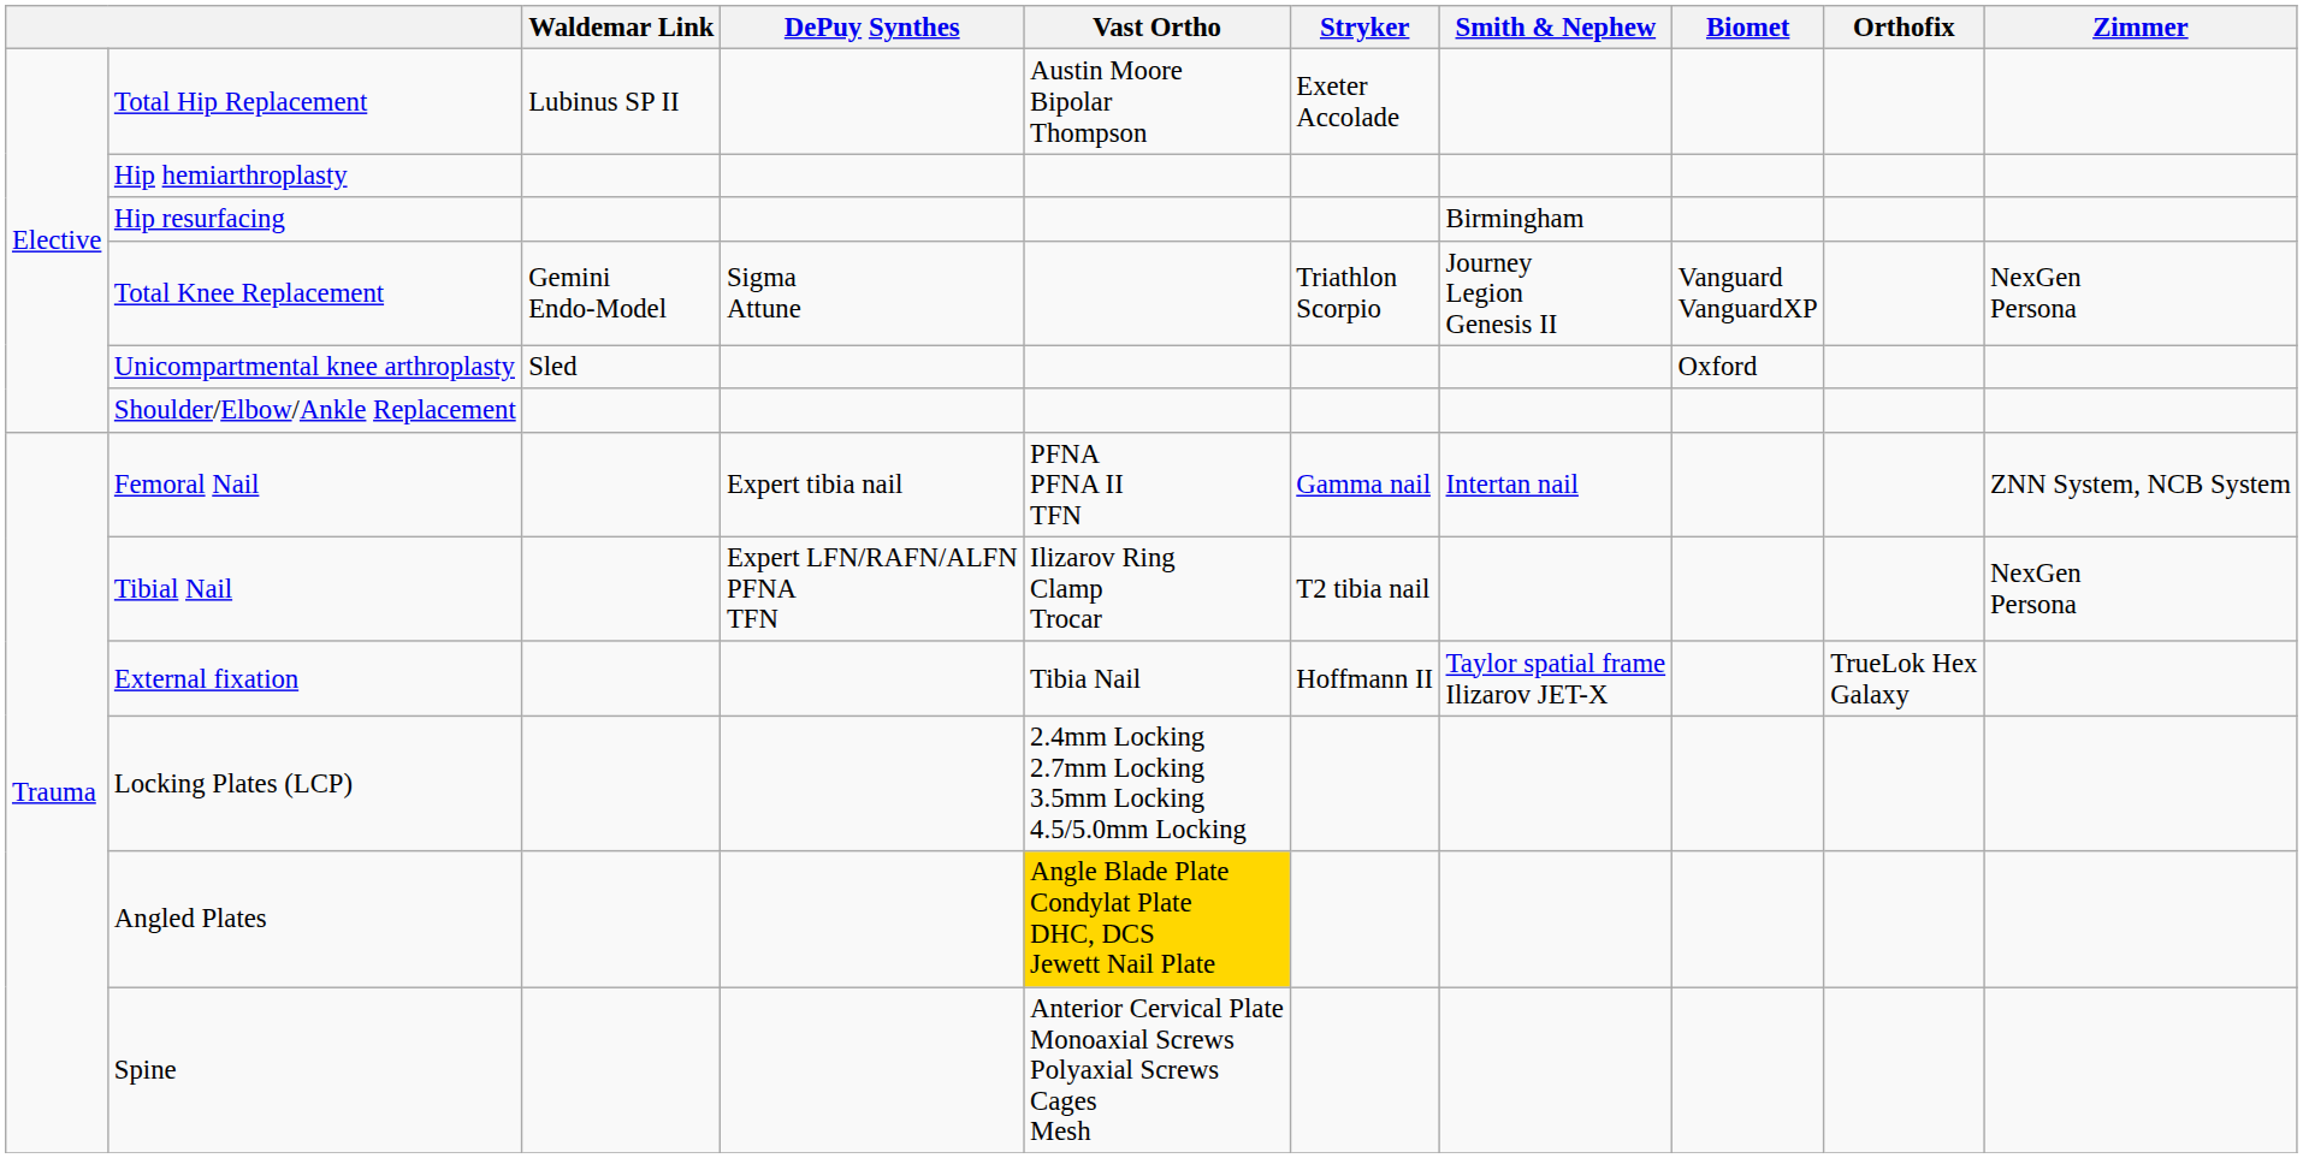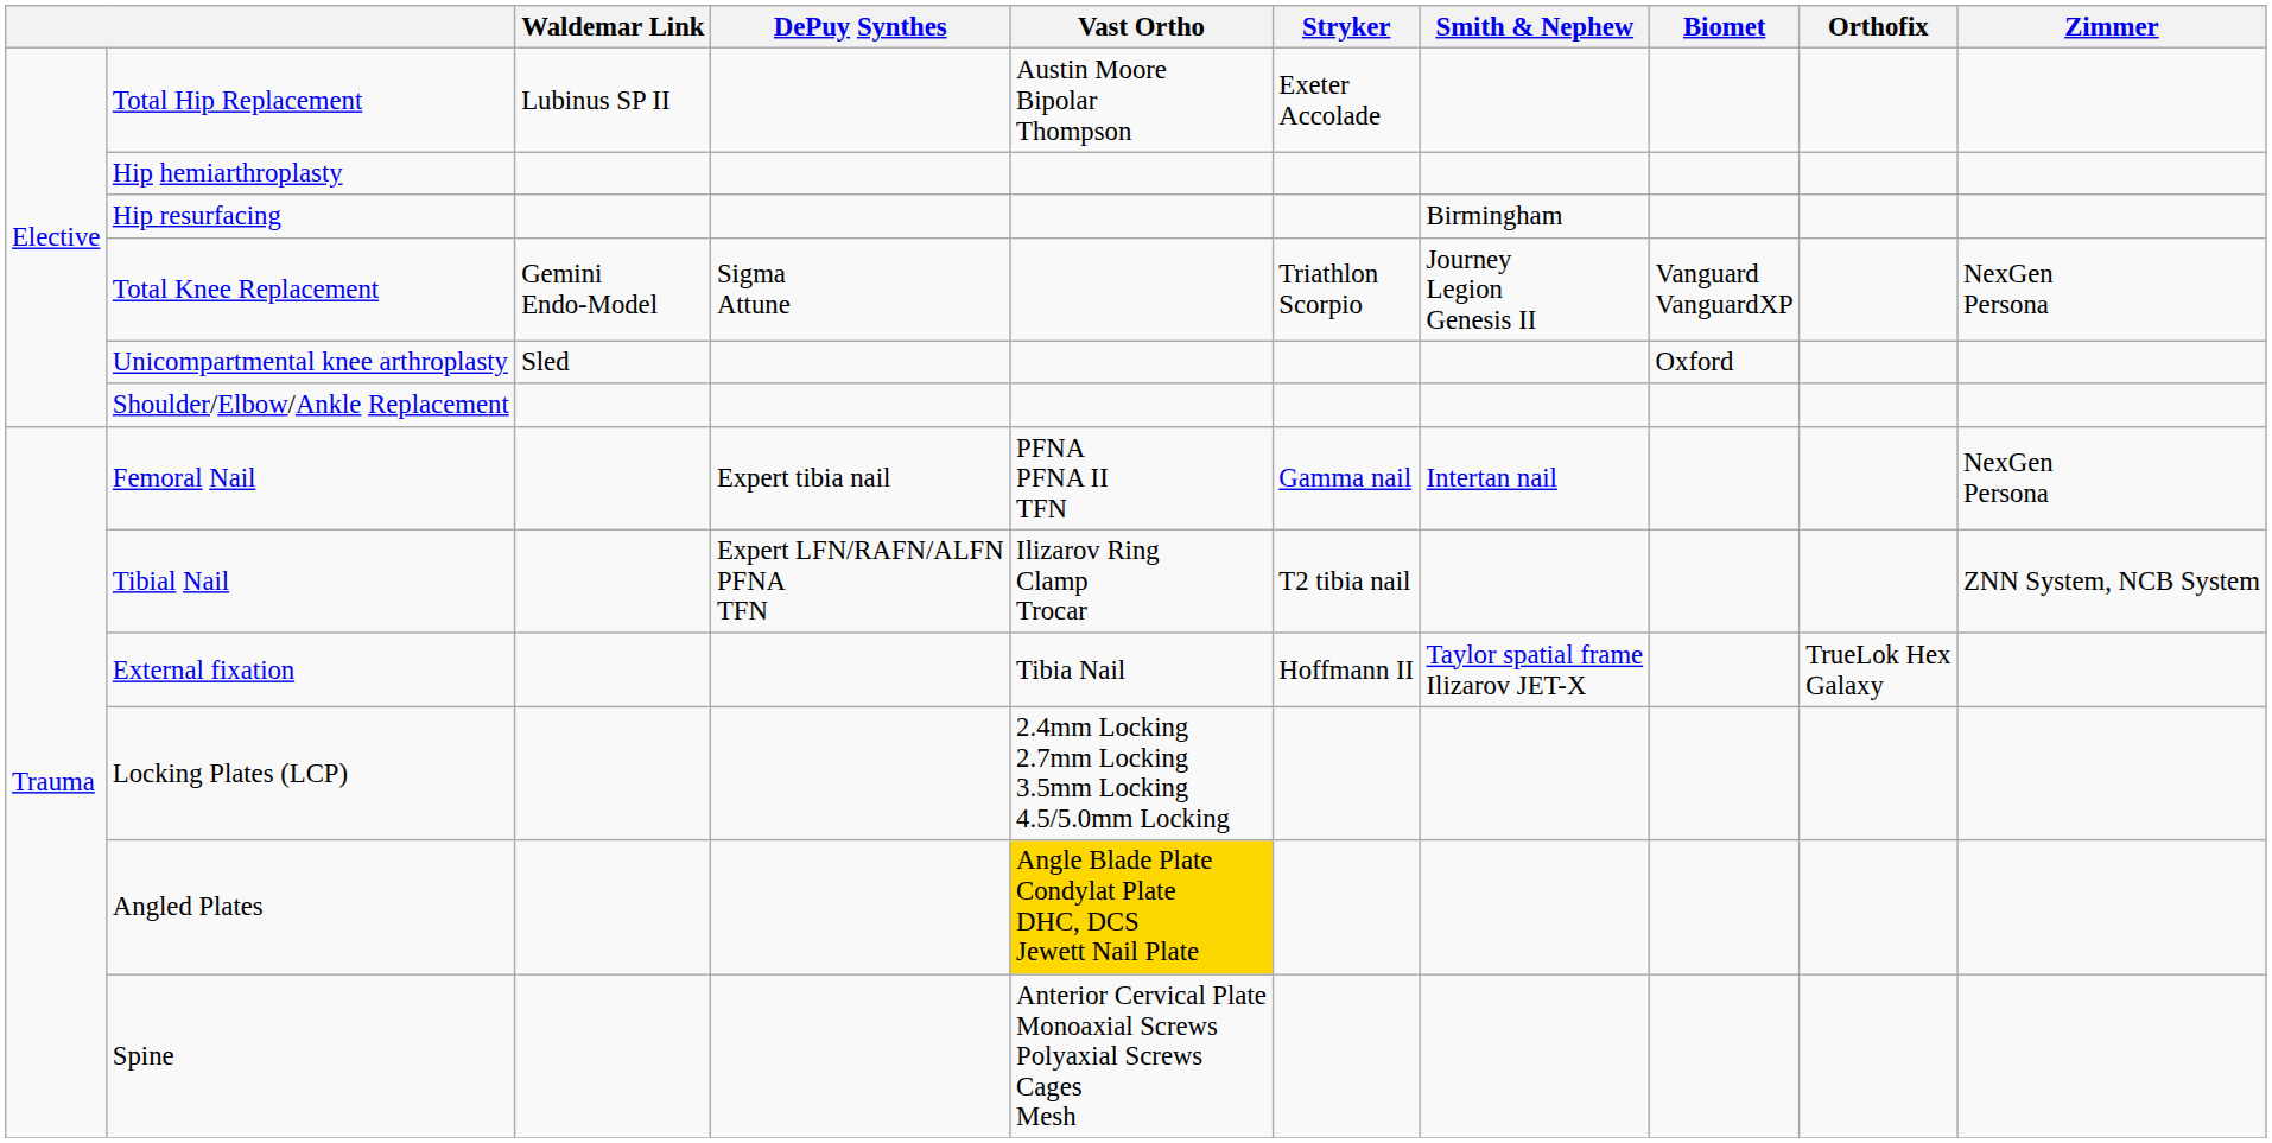 <table class="wikitable">
 <tr>
 <th colspan="2"></th>
 <th>Waldemar Link</th>
 <th><a href='#'>DePuy</a> <a href='#'>Synthes</a></th>
 <th>Vast Ortho</th>
 <th><a href='#'>Stryker</a></th>
 <th><a href='#'>Smith & Nephew</a></th>
 <th><a href='#'>Biomet</a></th>
 <th>Orthofix</th>
 <th><a href='#'>Zimmer</a></th>
 </tr>
 <tr>
 <td rowspan="6"><a href='#'>Elective</a></td>
 <td><a href='#'>Total Hip Replacement</a></td>
 <td>Lubinus SP II</td>
 <td></td>
 <td>Austin Moore<br>Bipolar<br>Thompson</td>
 <td>Exeter<br>Accolade</td>
 <td></td>
 <td></td>
 <td></td>
 <td></td>
 </tr>
 <tr>
 <td><a href='#'>Hip</a> <a href='#'>hemiarthroplasty</a></td>
 <td></td>
 <td></td>
 <td></td>
 <td></td>
 <td></td>
 <td></td>
 <td></td>
 <td></td>
 </tr>
 <tr>
 <td><a href='#'>Hip resurfacing</a></td>
 <td></td>
 <td></td>
 <td></td>
 <td></td>
 <td>Birmingham</td>
 <td></td>
 <td></td>
 <td></td>
 </tr>
 <tr>
 <td><a href='#'>Total Knee Replacement</a></td>
 <td>Gemini<br>Endo-Model</td>
 <td>Sigma<br>Attune</td>
 <td></td>
 <td>Triathlon<br>Scorpio</td>
 <td>Journey<br>Legion<br>Genesis II</td>
 <td>Vanguard<br>VanguardXP</td>
 <td></td>
 <td>NexGen<br>Persona</td>
 </tr>
 <tr>
 <td><a href='#'>Unicompartmental knee arthroplasty</a></td>
 <td>Sled</td>
 <td></td>
 <td></td>
 <td></td>
 <td></td>
 <td>Oxford</td>
 <td></td>
 <td></td>
 </tr>
 <tr>
 <td><a href='#'>Shoulder</a>/<a href='#'>Elbow</a>/<a href='#'>Ankle</a> <a href='#'>Replacement</a></td>
 <td></td>
 <td></td>
 <td></td>
 <td></td>
 <td></td>
 <td></td>
 <td></td>
 <td></td>
 </tr>
 <tr>
 <td rowspan="6"><a href='#'>Trauma</a></td>
 <td><a href='#'>Femoral</a> <a href='#'>Nail</a></td>
 <td></td>
 <td>Expert tibia nail</td>
 <td>PFNA<br>PFNA II<br>TFN</td>
 <td><a href='#'>Gamma nail</a></td>
 <td><a href='#'>Intertan nail</a></td>
 <td></td>
 <td></td>
-<td>ZNN System, NCB System</td>
+<td>NexGen<br>Persona</td>
 </tr>
 <tr>
 <td><a href='#'>Tibial</a> <a href='#'>Nail</a></td>
 <td></td>
 <td>Expert LFN/RAFN/ALFN<br>PFNA<br>TFN</td>
 <td>Ilizarov Ring<br>Clamp<br>Trocar</td>
 <td>T2 tibia nail</td>
 <td></td>
 <td></td>
 <td></td>
-<td>NexGen<br>Persona</td>
+<td>ZNN System, NCB System</td>
 </tr>
 <tr>
 <td><a href='#'>External fixation</a></td>
 <td></td>
 <td></td>
 <td>Tibia Nail</td>
 <td>Hoffmann II</td>
 <td><a href='#'>Taylor spatial frame</a><br>Ilizarov JET-X</td>
 <td></td>
 <td>TrueLok Hex<br>Galaxy</td>
 <td></td>
 </tr>
 <tr>
 <td>Locking Plates (LCP)</td>
 <td></td>
 <td></td>
 <td>2.4mm Locking<br>2.7mm Locking<br>3.5mm Locking<br>4.5/5.0mm Locking</td>
 <td></td>
 <td></td>
 <td></td>
 <td></td>
 <td></td>
 </tr>
 <tr>
 <td>Angled Plates</td>
 <td></td>
 <td></td>
 <td style="background: gold;">Angle Blade Plate<br>Condylat Plate<br>DHC, DCS<br>Jewett Nail Plate</td>
 <td></td>
 <td></td>
 <td></td>
 <td></td>
 <td></td>
 </tr>
 <tr>
 <td>Spine</td>
 <td></td>
 <td></td>
 <td>Anterior Cervical Plate<br>Monoaxial Screws<br>Polyaxial Screws<br>Cages<br>Mesh</td>
 <td></td>
 <td></td>
 <td></td>
 <td></td>
 <td></td>
 </tr>
 </table>
